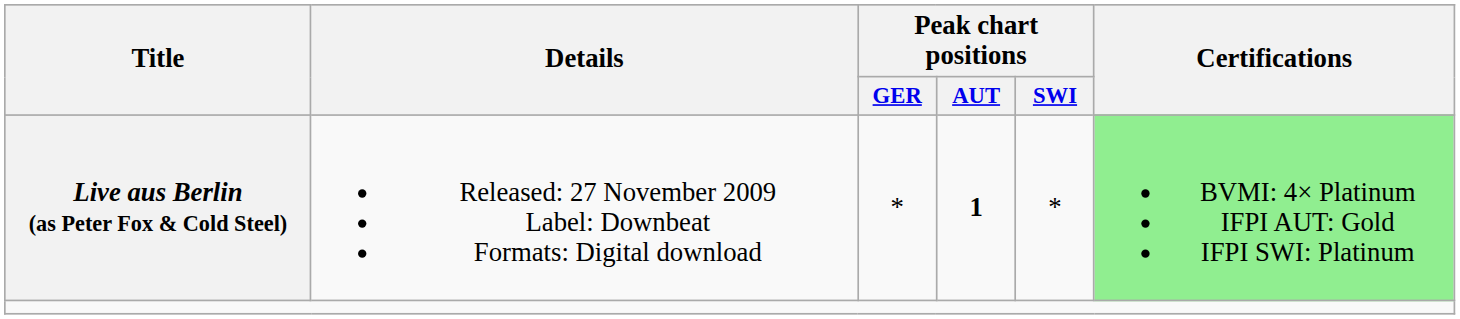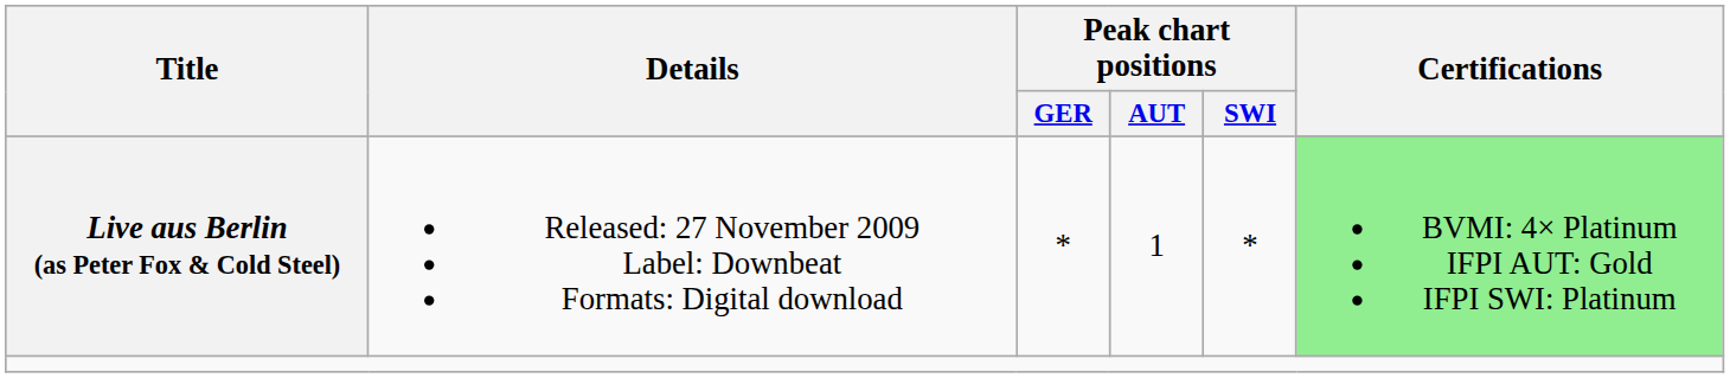 <table class="wikitable plainrowheaders" style="text-align:center;">
 <tr>
 <th scope="col" rowspan="2" style="width:11em;">Title</th>
 <th scope="col" rowspan="2" style="width:20em;">Details</th>
 <th scope="col" colspan="3">Peak chart positions</th>
 <th scope="col" rowspan="2" style="width:13em;">Certifications</th>
 </tr>
 <tr>
 <th scope="col" style="width:3em;font-size:85%;"><a href='#'>GER</a><br></th>
 <th scope="col" style="width:3em;font-size:85%;"><a href='#'>AUT</a><br></th>
 <th scope="col" style="width:3em;font-size:85%;"><a href='#'>SWI</a><br></th>
 </tr>
 <tr>
 <th scope="row"><em>Live aus Berlin</em><br><small>(as Peter Fox & Cold Steel)</small></th>
 <td><br><ul><li>Released: 27 November 2009</li><li>Label: Downbeat</li><li>Formats: Digital download</li></ul></td>
 <td>*</td>
-<td><strong>1</strong></td>
+<td>1</td>
 <td>*</td>
 <td style="background: lightgreen;"><br><ul><li>BVMI: 4× Platinum</li><li>IFPI AUT: Gold</li><li>IFPI SWI: Platinum</li></ul></td>
 </tr>
 <tr>
 <td colspan="6"></td>
 </tr>
 </table>
